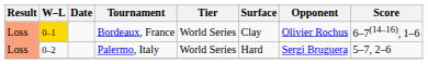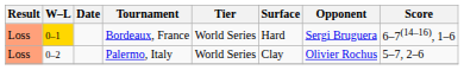 <table class="sortable wikitable">
 <tr>
 <th>Result</th>
 <th class=unsortable>W–L</th>
 <th>Date</th>
 <th>Tournament</th>
 <th>Tier</th>
 <th>Surface</th>
 <th>Opponent</th>
 <th class=unsortable>Score</th>
 </tr>
 <tr>
 <td bgcolor=FFA07A>Loss</td>
 <td style="background: gold;"><small>0–1</small></td>
 <td><a href='#'></a></td>
 <td><a href='#'>Bordeaux</a>, France</td>
 <td>World Series</td>
-<td>Clay</td>
-<td> <a href='#'>Olivier Rochus</a></td>
+<td>Hard</td>
+<td> <a href='#'>Sergi Bruguera</a></td>
 <td>6–7<sup>(14–16)</sup>, 1–6</td>
 </tr>
 <tr>
 <td bgcolor=FFA07A>Loss</td>
 <td><small>0–2</small></td>
 <td><a href='#'></a></td>
 <td><a href='#'>Palermo</a>, Italy</td>
 <td>World Series</td>
-<td>Hard</td>
-<td> <a href='#'>Sergi Bruguera</a></td>
+<td>Clay</td>
+<td> <a href='#'>Olivier Rochus</a></td>
 <td>5–7, 2–6</td>
 </tr>
 <tr>
 </tr>
 </table>
